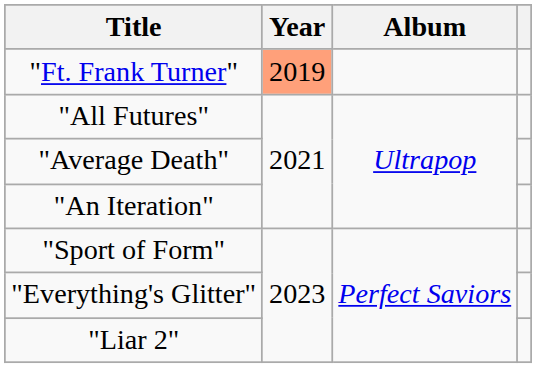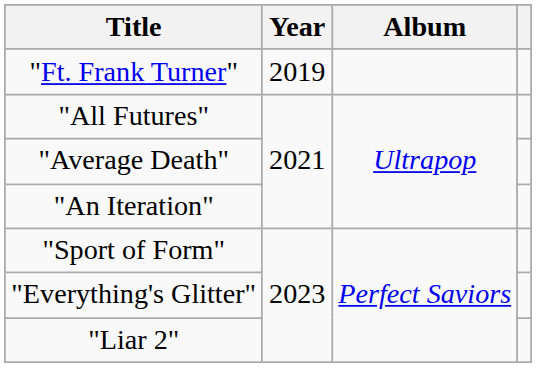 <table class="wikitable plainrowheaders" style="text-align:center;">
 <tr>
 <th>Title</th>
 <th>Year</th>
 <th>Album</th>
 <th></th>
 </tr>
 <tr>
 <td>"<a href='#'>Ft. Frank Turner</a>"</td>
-<td style="background: lightsalmon;">2019</td>
+<td>2019</td>
 <td></td>
 <td></td>
 </tr>
 <tr>
 <td>"All Futures"</td>
 <td rowspan="3">2021</td>
 <td rowspan="3"><em><a href='#'>Ultrapop</a></em></td>
 <td></td>
 </tr>
 <tr>
 <td>"Average Death"</td>
 <td></td>
 </tr>
 <tr>
 <td>"An Iteration"</td>
 <td></td>
 </tr>
 <tr>
 <td>"Sport of Form"</td>
 <td rowspan="3">2023</td>
 <td rowspan="3"><em><a href='#'>Perfect Saviors</a></em></td>
 <td></td>
 </tr>
 <tr>
 <td>"Everything's Glitter"</td>
 <td></td>
 </tr>
 <tr>
 <td>"Liar 2"</td>
 <td></td>
 </tr>
 </table>
